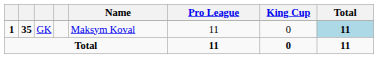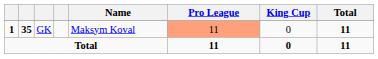 <table class="wikitable" style="text-align:center">
 <tr>
 <th width=15></th>
 <th width=15></th>
 <th width=15></th>
 <th width=15></th>
 <th width=145>Name</th>
 <th width=135><a href='#'>Pro League</a></th>
 <th width=80><a href='#'>King Cup</a></th>
 <th width=80>Total</th>
 </tr>
 <tr>
 </tr>
 <tr>
 <td><strong>1</strong></td>
 <td><strong>35</strong></td>
 <td><a href='#'>GK</a></td>
 <td></td>
 <td align=left><a href='#'>Maksym Koval</a></td>
-<td>11</td>
+<td style="background: lightsalmon;">11</td>
 <td>0</td>
-<td style="background: lightblue;"><strong>11</strong></td>
+<td><strong>11</strong></td>
 </tr>
 <tr>
 <td colspan=5><strong>Total</strong></td>
 <td><strong>11</strong></td>
 <td><strong>0</strong></td>
 <td><strong>11</strong></td>
 </tr>
 </table>
